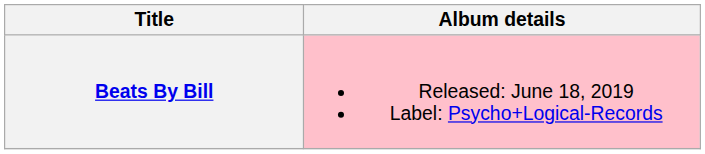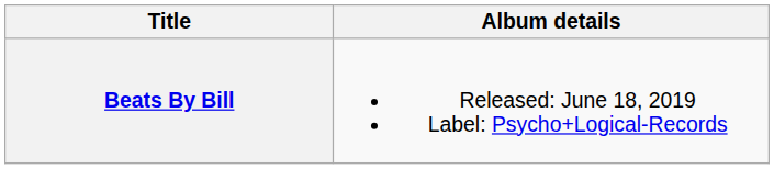 <table class="wikitable plainrowheaders" style="text-align:center;" border="1">
 <tr>
 <th scope="col" style="width:15em;">Title</th>
 <th scope="col" style="width:20em;">Album details</th>
 </tr>
 <tr>
 <th scope="row"><a href='#'>Beats By Bill</a></th>
-<td style="background: pink;"><br><ul><li>Released: June 18, 2019</li><li>Label: <a href='#'>Psycho+Logical-Records</a></li></ul></td>
+<td><br><ul><li>Released: June 18, 2019</li><li>Label: <a href='#'>Psycho+Logical-Records</a></li></ul></td>
 </tr>
 <tr>
 </tr>
 </table>
